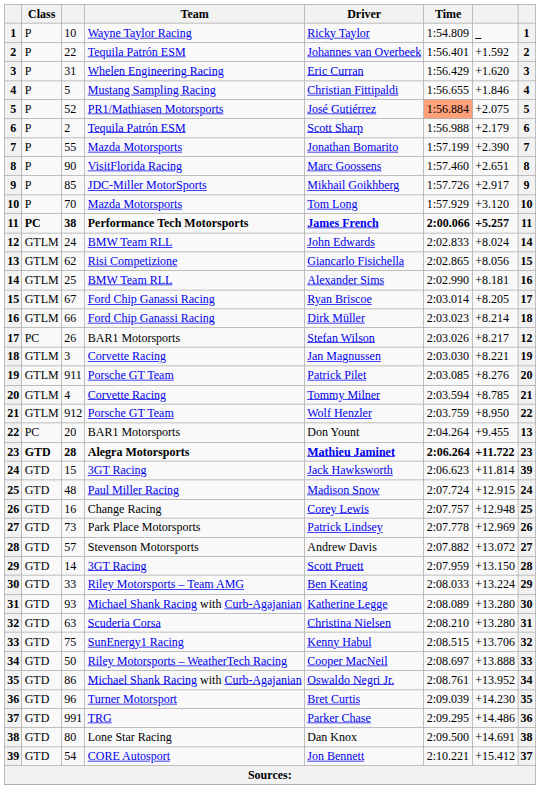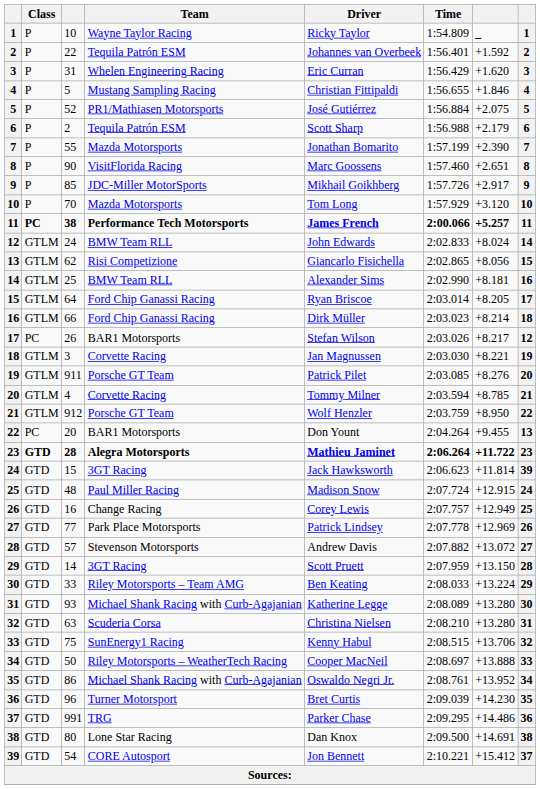 <table class="wikitable">
 <tr>
 <th scope="col"></th>
 <th scope="col">Class</th>
 <th scope="col"></th>
 <th scope="col">Team</th>
 <th scope="col">Driver</th>
 <th scope="col">Time</th>
 <th scope="col"></th>
 <th scope="col"></th>
 </tr>
 <tr -style="font-weight:bold">
 <th>1</th>
 <td>P</td>
 <td>10</td>
 <td> <a href='#'>Wayne Taylor Racing</a></td>
 <td> <a href='#'>Ricky Taylor</a></td>
 <td>1:54.809</td>
 <td><strong>_</strong></td>
 <th>1</th>
 </tr>
 <tr>
 <th>2</th>
 <td>P</td>
 <td>22</td>
 <td> <a href='#'>Tequila Patrón ESM</a></td>
 <td> <a href='#'>Johannes van Overbeek</a></td>
 <td>1:56.401</td>
 <td>+1.592</td>
 <th>2</th>
 </tr>
 <tr>
 <th>3</th>
 <td>P</td>
 <td>31</td>
 <td> <a href='#'>Whelen Engineering Racing</a></td>
 <td> <a href='#'>Eric Curran</a></td>
 <td>1:56.429</td>
 <td>+1.620</td>
 <th>3</th>
 </tr>
 <tr>
 <th>4</th>
 <td>P</td>
 <td>5</td>
 <td> <a href='#'>Mustang Sampling Racing</a></td>
 <td> <a href='#'>Christian Fittipaldi</a></td>
 <td>1:56.655</td>
 <td>+1.846</td>
 <th>4</th>
 </tr>
 <tr>
 <th>5</th>
 <td>P</td>
 <td>52</td>
 <td> <a href='#'>PR1/Mathiasen Motorsports</a></td>
 <td> <a href='#'>José Gutiérrez</a></td>
-<td style="background: lightsalmon;">1:56.884</td>
+<td>1:56.884</td>
 <td>+2.075</td>
 <th>5</th>
 </tr>
 <tr>
 <th>6</th>
 <td>P</td>
 <td>2</td>
 <td> <a href='#'>Tequila Patrón ESM</a></td>
 <td> <a href='#'>Scott Sharp</a></td>
 <td>1:56.988</td>
 <td>+2.179</td>
 <th>6</th>
 </tr>
 <tr>
 <th>7</th>
 <td>P</td>
 <td>55</td>
 <td> <a href='#'>Mazda Motorsports</a></td>
 <td> <a href='#'>Jonathan Bomarito</a></td>
 <td>1:57.199</td>
 <td>+2.390</td>
 <th>7</th>
 </tr>
 <tr>
 <th>8</th>
 <td>P</td>
 <td>90</td>
 <td> <a href='#'>VisitFlorida Racing</a></td>
 <td> <a href='#'>Marc Goossens</a></td>
 <td>1:57.460</td>
 <td>+2.651</td>
 <th>8</th>
 </tr>
 <tr>
 <th>9</th>
 <td>P</td>
 <td>85</td>
 <td> <a href='#'>JDC-Miller MotorSports</a></td>
 <td> <a href='#'>Mikhail Goikhberg</a></td>
 <td>1:57.726</td>
 <td>+2.917</td>
 <th>9</th>
 </tr>
 <tr>
 <th>10</th>
 <td>P</td>
 <td>70</td>
 <td> <a href='#'>Mazda Motorsports</a></td>
 <td> <a href='#'>Tom Long</a></td>
 <td>1:57.929</td>
 <td>+3.120</td>
 <th>10</th>
 </tr>
 <tr>
 <th>11</th>
 <td><strong>PC</strong></td>
 <td><strong>38</strong></td>
 <td><strong> Performance Tech Motorsports</strong></td>
 <td><strong> <a href='#'>James French</a></strong></td>
 <td><strong>2:00.066</strong></td>
 <td><strong>+5.257</strong></td>
 <th>11</th>
 </tr>
 <tr -style="font-weight:bold">
 <th>12</th>
 <td>GTLM</td>
 <td>24</td>
 <td> <a href='#'>BMW Team RLL</a></td>
 <td> <a href='#'>John Edwards</a></td>
 <td>2:02.833</td>
 <td>+8.024</td>
 <th>14</th>
 </tr>
 <tr>
 <th>13</th>
 <td>GTLM</td>
 <td>62</td>
 <td> <a href='#'>Risi Competizione</a></td>
 <td> <a href='#'>Giancarlo Fisichella</a></td>
 <td>2:02.865</td>
 <td>+8.056</td>
 <th>15</th>
 </tr>
 <tr>
 <th>14</th>
 <td>GTLM</td>
 <td>25</td>
 <td> <a href='#'>BMW Team RLL</a></td>
 <td> <a href='#'>Alexander Sims</a></td>
 <td>2:02.990</td>
 <td>+8.181</td>
 <th>16</th>
 </tr>
 <tr>
 <th>15</th>
 <td>GTLM</td>
-<td>67</td>
+<td>64</td>
 <td> <a href='#'>Ford Chip Ganassi Racing</a></td>
 <td> <a href='#'>Ryan Briscoe</a></td>
 <td>2:03.014</td>
 <td>+8.205</td>
 <th>17</th>
 </tr>
 <tr>
 <th>16</th>
 <td>GTLM</td>
 <td>66</td>
 <td> <a href='#'>Ford Chip Ganassi Racing</a></td>
 <td> <a href='#'>Dirk Müller</a></td>
 <td>2:03.023</td>
 <td>+8.214</td>
 <th>18</th>
 </tr>
 <tr>
 <th>17</th>
 <td>PC</td>
 <td>26</td>
 <td> BAR1 Motorsports</td>
 <td> <a href='#'>Stefan Wilson</a></td>
 <td>2:03.026</td>
 <td>+8.217</td>
 <th>12</th>
 </tr>
 <tr>
 <th>18</th>
 <td>GTLM</td>
 <td>3</td>
 <td> <a href='#'>Corvette Racing</a></td>
 <td> <a href='#'>Jan Magnussen</a></td>
 <td>2:03.030</td>
 <td>+8.221</td>
 <th>19</th>
 </tr>
 <tr>
 <th>19</th>
 <td>GTLM</td>
 <td>911</td>
 <td> <a href='#'>Porsche GT Team</a></td>
 <td> <a href='#'>Patrick Pilet</a></td>
 <td>2:03.085</td>
 <td>+8.276</td>
 <th>20</th>
 </tr>
 <tr>
 <th>20</th>
 <td>GTLM</td>
 <td>4</td>
 <td> <a href='#'>Corvette Racing</a></td>
 <td> <a href='#'>Tommy Milner</a></td>
 <td>2:03.594</td>
 <td>+8.785</td>
 <th>21</th>
 </tr>
 <tr>
 <th>21</th>
 <td>GTLM</td>
 <td>912</td>
 <td> <a href='#'>Porsche GT Team</a></td>
 <td> <a href='#'>Wolf Henzler</a></td>
 <td>2:03.759</td>
 <td>+8.950</td>
 <th>22</th>
 </tr>
 <tr>
 <th>22</th>
 <td>PC</td>
 <td>20</td>
 <td> BAR1 Motorsports</td>
 <td> Don Yount</td>
 <td>2:04.264</td>
 <td>+9.455</td>
 <th>13</th>
 </tr>
 <tr>
 <th>23</th>
 <td><strong>GTD</strong></td>
 <td><strong>28</strong></td>
 <td><strong> Alegra Motorsports</strong></td>
 <td><strong> <a href='#'>Mathieu Jaminet</a></strong></td>
 <td><strong>2:06.264</strong></td>
 <td><strong>+11.722</strong></td>
 <th>23</th>
 </tr>
 <tr>
 <th>24</th>
 <td>GTD</td>
 <td>15</td>
 <td> <a href='#'>3GT Racing</a></td>
 <td> <a href='#'>Jack Hawksworth</a></td>
 <td>2:06.623</td>
 <td>+11.814</td>
 <th>39</th>
 </tr>
 <tr>
 <th>25</th>
 <td>GTD</td>
 <td>48</td>
 <td> <a href='#'>Paul Miller Racing</a></td>
 <td> <a href='#'>Madison Snow</a></td>
 <td>2:07.724</td>
 <td>+12.915</td>
 <th>24</th>
 </tr>
 <tr>
 <th>26</th>
 <td>GTD</td>
 <td>16</td>
 <td> Change Racing</td>
 <td> <a href='#'>Corey Lewis</a></td>
 <td>2:07.757</td>
-<td>+12.948</td>
+<td>+12.949</td>
 <th>25</th>
 </tr>
 <tr>
 <th>27</th>
 <td>GTD</td>
-<td>73</td>
+<td>77</td>
 <td> Park Place Motorsports</td>
 <td> <a href='#'>Patrick Lindsey</a></td>
 <td>2:07.778</td>
 <td>+12.969</td>
 <th>26</th>
 </tr>
 <tr>
 <th>28</th>
 <td>GTD</td>
 <td>57</td>
 <td> Stevenson Motorsports</td>
 <td> Andrew Davis</td>
 <td>2:07.882</td>
 <td>+13.072</td>
 <th>27</th>
 </tr>
 <tr>
 <th>29</th>
 <td>GTD</td>
 <td>14</td>
 <td> <a href='#'>3GT Racing</a></td>
 <td> <a href='#'>Scott Pruett</a></td>
 <td>2:07.959</td>
 <td>+13.150</td>
 <th>28</th>
 </tr>
 <tr>
 <th>30</th>
 <td>GTD</td>
 <td>33</td>
 <td> <a href='#'>Riley Motorsports – Team AMG</a></td>
 <td> <a href='#'>Ben Keating</a></td>
 <td>2:08.033</td>
 <td>+13.224</td>
 <th>29</th>
 </tr>
 <tr>
 <th>31</th>
 <td>GTD</td>
 <td>93</td>
 <td> <a href='#'>Michael Shank Racing</a> with <a href='#'>Curb-Agajanian</a></td>
 <td> <a href='#'>Katherine Legge</a></td>
 <td>2:08.089</td>
 <td>+13.280</td>
 <th>30</th>
 </tr>
 <tr>
 <th>32</th>
 <td>GTD</td>
 <td>63</td>
 <td> <a href='#'>Scuderia Corsa</a></td>
 <td> <a href='#'>Christina Nielsen</a></td>
 <td>2:08.210</td>
 <td>+13.280</td>
 <th>31</th>
 </tr>
 <tr>
 <th>33</th>
 <td>GTD</td>
 <td>75</td>
 <td> <a href='#'>SunEnergy1 Racing</a></td>
 <td> <a href='#'>Kenny Habul</a></td>
 <td>2:08.515</td>
 <td>+13.706</td>
 <th>32</th>
 </tr>
 <tr>
 <th>34</th>
 <td>GTD</td>
 <td>50</td>
 <td> <a href='#'>Riley Motorsports – WeatherTech Racing</a></td>
 <td> <a href='#'>Cooper MacNeil</a></td>
 <td>2:08.697</td>
 <td>+13.888</td>
 <th>33</th>
 </tr>
 <tr>
 <th>35</th>
 <td>GTD</td>
 <td>86</td>
 <td> <a href='#'>Michael Shank Racing</a> with <a href='#'>Curb-Agajanian</a></td>
 <td> <a href='#'>Oswaldo Negri Jr.</a></td>
 <td>2:08.761</td>
 <td>+13.952</td>
 <th>34</th>
 </tr>
 <tr>
 <th>36</th>
 <td>GTD</td>
 <td>96</td>
 <td> <a href='#'>Turner Motorsport</a></td>
 <td> <a href='#'>Bret Curtis</a></td>
 <td>2:09.039</td>
 <td>+14.230</td>
 <th>35</th>
 </tr>
 <tr>
 <th>37</th>
 <td>GTD</td>
 <td>991</td>
 <td> <a href='#'>TRG</a></td>
 <td> <a href='#'>Parker Chase</a></td>
 <td>2:09.295</td>
 <td>+14.486</td>
 <th>36</th>
 </tr>
 <tr>
 <th>38</th>
 <td>GTD</td>
 <td>80</td>
 <td> Lone Star Racing</td>
 <td> Dan Knox</td>
 <td>2:09.500</td>
 <td>+14.691</td>
 <th>38</th>
 </tr>
 <tr>
 <th>39</th>
 <td>GTD</td>
 <td>54</td>
 <td> <a href='#'>CORE Autosport</a></td>
 <td> <a href='#'>Jon Bennett</a></td>
 <td>2:10.221</td>
 <td>+15.412</td>
 <th>37</th>
 </tr>
 <tr>
 <th colspan="8">Sources:</th>
 </tr>
 <tr>
 </tr>
 </table>
